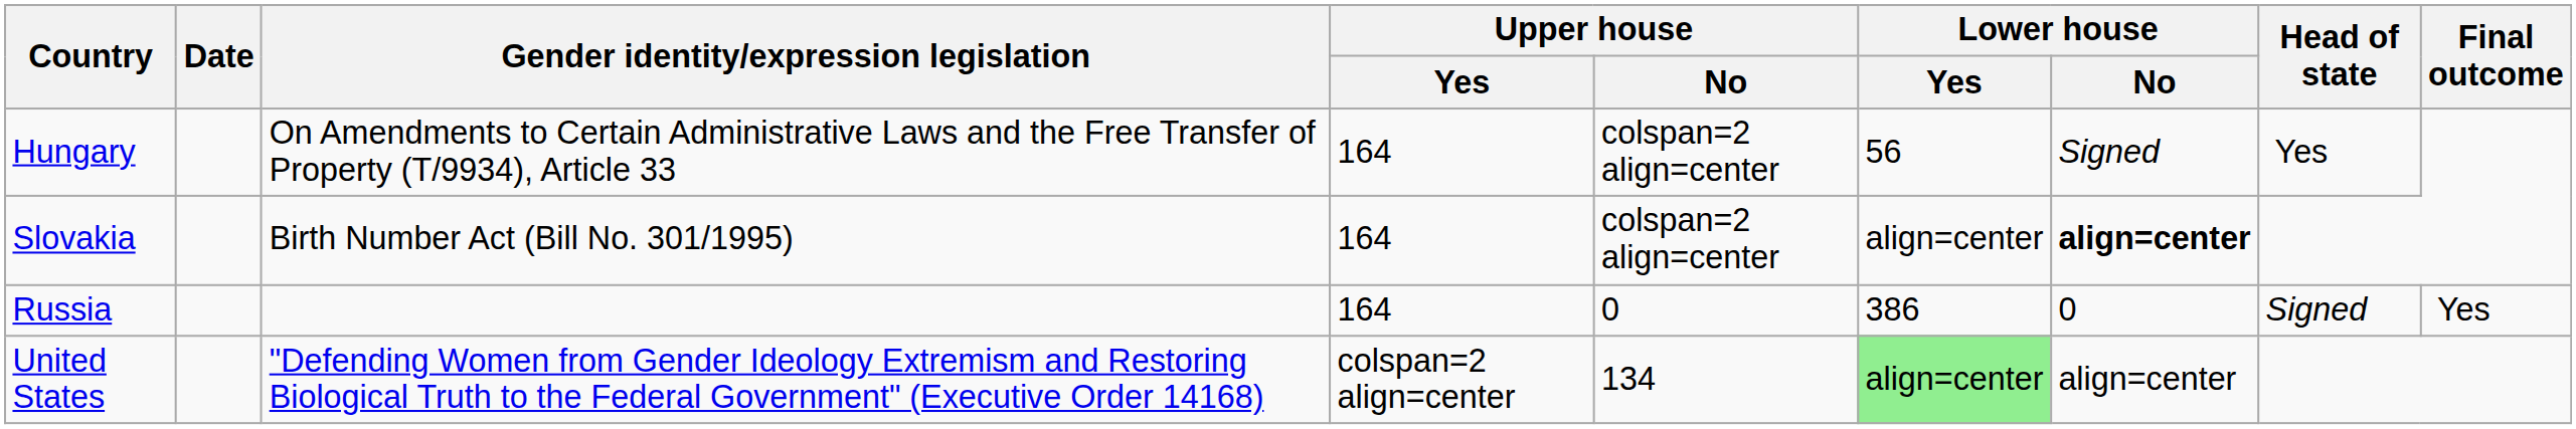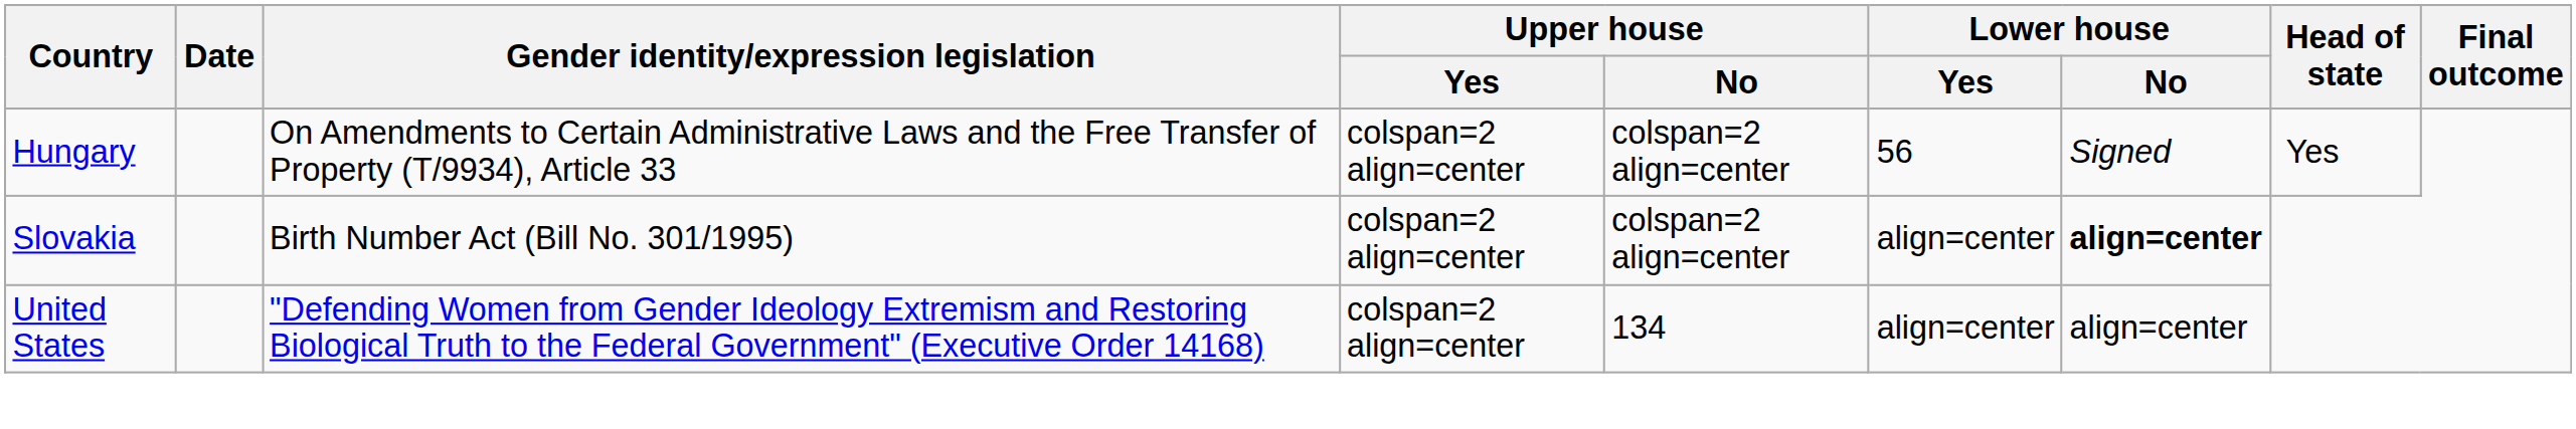 <table class="wikitable sortable mw-collapsible" style="width:100%">
 <tr>
 <th rowspan=2>Country</th>
 <th rowspan=2>Date</th>
 <th rowspan=2>Gender identity/expression legislation</th>
 <th colspan=2>Upper house</th>
 <th colspan=2>Lower house</th>
 <th rowspan=2>Head of state</th>
 <th rowspan=2>Final<br>outcome</th>
 </tr>
 <tr>
 <th>Yes</th>
 <th>No</th>
 <th>Yes</th>
 <th>No</th>
 </tr>
 <tr>
 <td> <a href='#'>Hungary</a></td>
 <td></td>
 <td>On Amendments to Certain Administrative Laws and the Free Transfer of Property (T/9934), Article 33</td>
-<td>164</td>
+<td>colspan=2 align=center </td>
 <td>colspan=2 align=center </td>
 <td>56</td>
 <td><em>Signed</em></td>
 <td> Yes</td>
 </tr>
 <tr>
 <td> <a href='#'>Slovakia</a></td>
 <td></td>
 <td>Birth Number Act (Bill No. 301/1995)</td>
-<td>164</td>
+<td>colspan=2 align=center </td>
 <td>colspan=2 align=center </td>
 <td>align=center </td>
 <td><strong>align=center </strong></td>
-</tr>
-<tr>
-<td> <a href='#'>Russia</a></td>
-<td></td>
-<td></td>
-<td>164</td>
-<td>0</td>
-<td>386</td>
-<td>0</td>
-<td><em>Signed</em></td>
-<td> Yes</td>
 </tr>
 <tr>
 <td> <a href='#'>United States</a></td>
 <td></td>
 <td><a href='#'>"Defending Women from Gender Ideology Extremism and Restoring Biological Truth to the Federal Government" (Executive Order 14168)</a></td>
 <td>colspan=2 align=center </td>
 <td>134</td>
-<td style="background: lightgreen;">align=center </td>
+<td>align=center </td>
 <td>align=center </td>
 </tr>
 </table>
